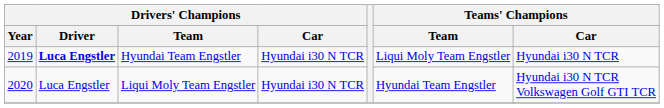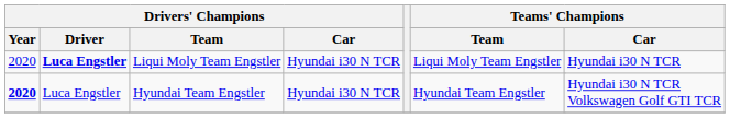 <table class="wikitable" style="font-size: 90%;">
 <tr>
 <th colspan="4">Drivers' Champions</th>
 <th rowspan="4"></th>
 <th colspan="3">Teams' Champions</th>
 </tr>
 <tr>
 <th>Year</th>
 <th>Driver</th>
 <th>Team</th>
 <th>Car</th>
 <th>Team</th>
 <th colspan="2">Car</th>
 </tr>
 <tr>
-<td><a href='#'>2019</a></td>
+<td><a href='#'>2020</a></td>
 <td><strong> <a href='#'>Luca Engstler</a></strong></td>
-<td> <a href='#'>Hyundai Team Engstler</a></td>
+<td> <a href='#'>Liqui Moly Team Engstler</a></td>
 <td><a href='#'>Hyundai i30 N TCR</a></td>
 <td colspan="2"> <a href='#'>Liqui Moly Team Engstler</a></td>
 <td><a href='#'>Hyundai i30 N TCR</a></td>
 </tr>
 <tr>
-<td><a href='#'>2020</a></td>
+<td><strong><a href='#'>2020</a></strong></td>
 <td> <a href='#'>Luca Engstler</a></td>
-<td> <a href='#'>Liqui Moly Team Engstler</a></td>
+<td> <a href='#'>Hyundai Team Engstler</a></td>
 <td><a href='#'>Hyundai i30 N TCR</a></td>
 <td colspan="2"> <a href='#'>Hyundai Team Engstler</a></td>
 <td><a href='#'>Hyundai i30 N TCR</a><br><a href='#'>Volkswagen Golf GTI TCR</a></td>
 </tr>
 <tr>
 </tr>
 </table>
